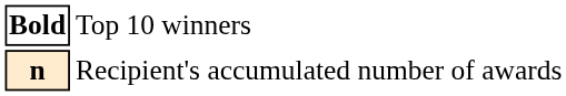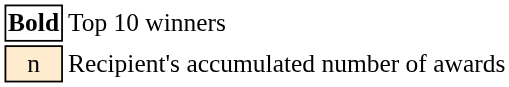 <table class="toccolours" style="font-size: 90%; white-space: nowrap;">
 <tr>
 <td style="background:white; border:1px solid black; text-align:center;"><strong>Bold</strong></td>
 <td>Top 10 winners</td>
 </tr>
 <tr>
-<td style="background:#FFEBCD; border:1px solid black; text-align:center;"><strong>n</strong></td>
+<td style="background:#FFEBCD; border:1px solid black; text-align:center;">n</td>
 <td>Recipient's accumulated number of awards</td>
 </tr>
 </table>
